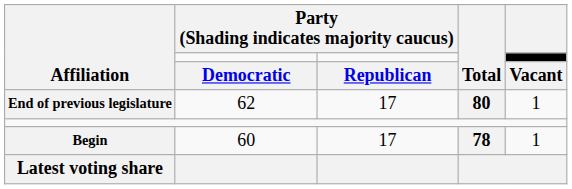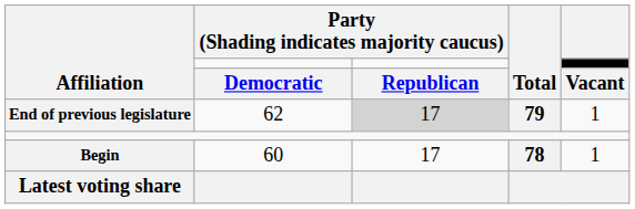 <table class="wikitable" style="text-align:center">
 <tr valign=bottom>
 <th scope="col" rowspan=3>Affiliation</th>
 <th scope="col" colspan=2>Party <div>(Shading indicates majority caucus)</div></th>
 <th scope="col" rowspan=3>Total</th>
 <th></th>
 </tr>
 <tr style="height:5px">
 <td style="background-color:"></td>
 <td style="background-color:"></td>
 <td style="background-color:black"></td>
 </tr>
 <tr>
 <th scope="row"><a href='#'>Democratic</a></th>
 <th><a href='#'>Republican</a></th>
 <th>Vacant</th>
 </tr>
 <tr>
 <th scope="row" style="white-space:nowrap; font-size:80% ">End of previous legislature</th>
 <td>62</td>
-<td>17</td>
-<th>80</th>
+<td style="background: lightgrey;">17</td>
+<th>79</th>
 <td>1</td>
 </tr>
 <tr>
 <td colspan="5"></td>
 </tr>
 <tr>
 <th scope="row" style="white-space:nowrap; font-size:80%">Begin</th>
 <td>60</td>
 <td>17</td>
 <th>78</th>
 <td>1</td>
 </tr>
 <tr>
 <th scope="row">Latest voting share</th>
 <th></th>
 <th></th>
 <th colspan=2></th>
 </tr>
 </table>
